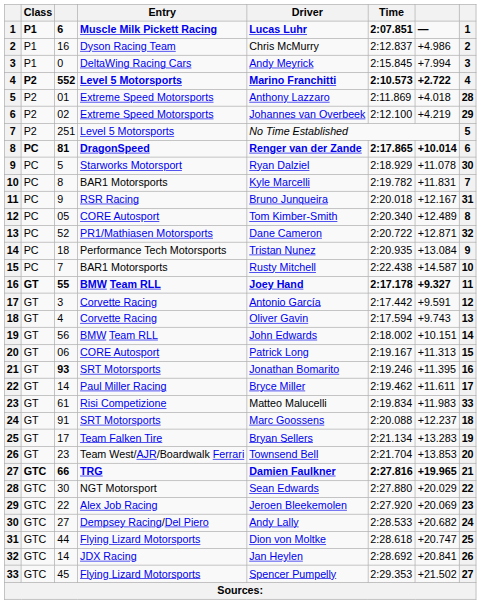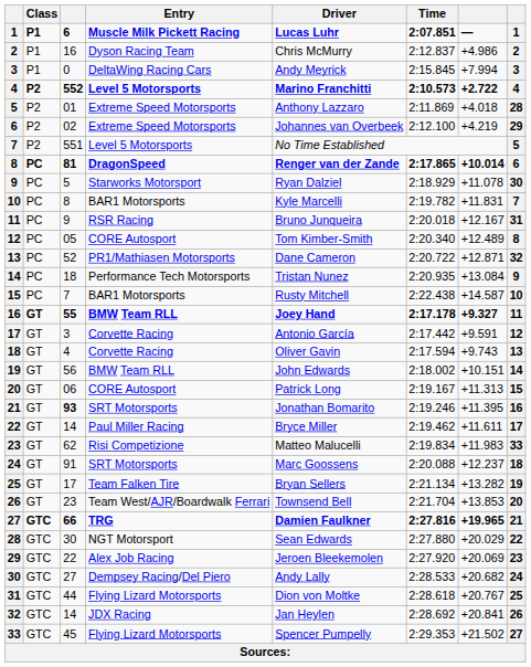 <table class="wikitable">
 <tr>
 <th></th>
 <th>Class</th>
 <th></th>
 <th>Entry</th>
 <th>Driver</th>
 <th>Time</th>
 <th></th>
 <th></th>
 </tr>
 <tr style="font-weight:bold">
 <th>1</th>
 <td>P1</td>
 <td>6</td>
 <td> <a href='#'>Muscle Milk Pickett Racing</a></td>
 <td> <a href='#'>Lucas Luhr</a></td>
 <td>2:07.851</td>
 <td>—</td>
 <th>1</th>
 </tr>
 <tr>
 <th>2</th>
 <td>P1</td>
 <td>16</td>
 <td> <a href='#'>Dyson Racing Team</a></td>
 <td> Chris McMurry</td>
 <td>2:12.837</td>
 <td>+4.986</td>
 <th>2</th>
 </tr>
 <tr>
 <th>3</th>
 <td>P1</td>
 <td>0</td>
 <td> <a href='#'>DeltaWing Racing Cars</a></td>
 <td> <a href='#'>Andy Meyrick</a></td>
 <td>2:15.845</td>
 <td>+7.994</td>
 <th>3</th>
 </tr>
 <tr style="font-weight:bold">
 <th>4</th>
 <td>P2</td>
 <td>552</td>
 <td> <a href='#'>Level 5 Motorsports</a></td>
 <td> <a href='#'>Marino Franchitti</a></td>
 <td>2:10.573</td>
 <td>+2.722</td>
 <th>4</th>
 </tr>
 <tr>
 <th>5</th>
 <td>P2</td>
 <td>01</td>
 <td> <a href='#'>Extreme Speed Motorsports</a></td>
 <td> <a href='#'>Anthony Lazzaro</a></td>
 <td>2:11.869</td>
 <td>+4.018</td>
 <th>28</th>
 </tr>
 <tr>
 <th>6</th>
 <td>P2</td>
 <td>02</td>
 <td> <a href='#'>Extreme Speed Motorsports</a></td>
 <td> <a href='#'>Johannes van Overbeek</a></td>
 <td>2:12.100</td>
 <td>+4.219</td>
 <th>29</th>
 </tr>
 <tr>
 <th>7</th>
 <td>P2</td>
-<td>251</td>
+<td>551</td>
 <td> <a href='#'>Level 5 Motorsports</a></td>
 <td colspan="3"><em>No Time Established</em></td>
 <th>5</th>
 </tr>
 <tr style="font-weight:bold">
 <th>8</th>
 <td>PC</td>
 <td>81</td>
 <td> <a href='#'>DragonSpeed</a></td>
 <td> <a href='#'>Renger van der Zande</a></td>
 <td>2:17.865</td>
 <td>+10.014</td>
 <th>6</th>
 </tr>
 <tr>
 <th>9</th>
 <td>PC</td>
 <td>5</td>
 <td> <a href='#'>Starworks Motorsport</a></td>
 <td> <a href='#'>Ryan Dalziel</a></td>
 <td>2:18.929</td>
 <td>+11.078</td>
 <th>30</th>
 </tr>
 <tr>
 <th>10</th>
 <td>PC</td>
 <td>8</td>
 <td> BAR1 Motorsports</td>
 <td> <a href='#'>Kyle Marcelli</a></td>
 <td>2:19.782</td>
 <td>+11.831</td>
 <th>7</th>
 </tr>
 <tr>
 <th>11</th>
 <td>PC</td>
 <td>9</td>
 <td> <a href='#'>RSR Racing</a></td>
 <td> <a href='#'>Bruno Junqueira</a></td>
 <td>2:20.018</td>
 <td>+12.167</td>
 <th>31</th>
 </tr>
 <tr>
 <th>12</th>
 <td>PC</td>
 <td>05</td>
 <td> <a href='#'>CORE Autosport</a></td>
 <td> <a href='#'>Tom Kimber-Smith</a></td>
 <td>2:20.340</td>
 <td>+12.489</td>
 <th>8</th>
 </tr>
 <tr>
 <th>13</th>
 <td>PC</td>
 <td>52</td>
 <td> <a href='#'>PR1/Mathiasen Motorsports</a></td>
 <td> <a href='#'>Dane Cameron</a></td>
 <td>2:20.722</td>
 <td>+12.871</td>
 <th>32</th>
 </tr>
 <tr>
 <th>14</th>
 <td>PC</td>
 <td>18</td>
 <td> Performance Tech Motorsports</td>
 <td> <a href='#'>Tristan Nunez</a></td>
 <td>2:20.935</td>
 <td>+13.084</td>
 <th>9</th>
 </tr>
 <tr>
 <th>15</th>
 <td>PC</td>
 <td>7</td>
 <td> BAR1 Motorsports</td>
 <td> <a href='#'>Rusty Mitchell</a></td>
 <td>2:22.438</td>
 <td>+14.587</td>
 <th>10</th>
 </tr>
 <tr style="font-weight:bold">
 <th>16</th>
 <td>GT</td>
 <td>55</td>
 <td> <a href='#'>BMW</a> <a href='#'>Team RLL</a></td>
 <td> <a href='#'>Joey Hand</a></td>
 <td>2:17.178</td>
 <td>+9.327</td>
 <th>11</th>
 </tr>
 <tr>
 <th>17</th>
 <td>GT</td>
 <td>3</td>
 <td> <a href='#'>Corvette Racing</a></td>
 <td> <a href='#'>Antonio García</a></td>
 <td>2:17.442</td>
 <td>+9.591</td>
 <th>12</th>
 </tr>
 <tr>
 <th>18</th>
 <td>GT</td>
 <td>4</td>
 <td> <a href='#'>Corvette Racing</a></td>
 <td> <a href='#'>Oliver Gavin</a></td>
 <td>2:17.594</td>
 <td>+9.743</td>
 <th>13</th>
 </tr>
 <tr>
 <th>19</th>
 <td>GT</td>
 <td>56</td>
 <td> <a href='#'>BMW</a> <a href='#'>Team RLL</a></td>
 <td> <a href='#'>John Edwards</a></td>
 <td>2:18.002</td>
 <td>+10.151</td>
 <th>14</th>
 </tr>
 <tr>
 <th>20</th>
 <td>GT</td>
 <td>06</td>
 <td> <a href='#'>CORE Autosport</a></td>
 <td> <a href='#'>Patrick Long</a></td>
 <td>2:19.167</td>
 <td>+11.313</td>
 <th>15</th>
 </tr>
 <tr>
 <th>21</th>
 <td>GT</td>
 <td><strong>93</strong></td>
 <td> <a href='#'>SRT Motorsports</a></td>
 <td> <a href='#'>Jonathan Bomarito</a></td>
 <td>2:19.246</td>
 <td>+11.395</td>
 <th>16</th>
 </tr>
 <tr>
 <th>22</th>
 <td>GT</td>
 <td>14</td>
 <td> <a href='#'>Paul Miller Racing</a></td>
 <td> <a href='#'>Bryce Miller</a></td>
 <td>2:19.462</td>
 <td>+11.611</td>
 <th>17</th>
 </tr>
 <tr>
 <th>23</th>
 <td>GT</td>
-<td>61</td>
+<td>62</td>
 <td> <a href='#'>Risi Competizione</a></td>
 <td> Matteo Malucelli</td>
 <td>2:19.834</td>
 <td>+11.983</td>
 <th>33</th>
 </tr>
 <tr>
 <th>24</th>
 <td>GT</td>
 <td>91</td>
 <td> <a href='#'>SRT Motorsports</a></td>
 <td> <a href='#'>Marc Goossens</a></td>
 <td>2:20.088</td>
 <td>+12.237</td>
 <th>18</th>
 </tr>
 <tr>
 <th>25</th>
 <td>GT</td>
 <td>17</td>
 <td> <a href='#'>Team Falken Tire</a></td>
 <td> <a href='#'>Bryan Sellers</a></td>
 <td>2:21.134</td>
-<td>+13.283</td>
+<td>+13.282</td>
 <th>19</th>
 </tr>
 <tr>
 <th>26</th>
 <td>GT</td>
 <td>23</td>
 <td> Team West/<a href='#'>AJR</a>/Boardwalk <a href='#'>Ferrari</a></td>
 <td> <a href='#'>Townsend Bell</a></td>
 <td>2:21.704</td>
 <td>+13.853</td>
 <th>20</th>
 </tr>
 <tr style="font-weight:bold">
 <th>27</th>
 <td>GTC</td>
 <td>66</td>
 <td> <a href='#'>TRG</a></td>
 <td> <a href='#'>Damien Faulkner</a></td>
 <td>2:27.816</td>
 <td>+19.965</td>
 <th>21</th>
 </tr>
 <tr>
 <th>28</th>
 <td>GTC</td>
 <td>30</td>
 <td> NGT Motorsport</td>
 <td> <a href='#'>Sean Edwards</a></td>
 <td>2:27.880</td>
 <td>+20.029</td>
 <th>22</th>
 </tr>
 <tr>
 <th>29</th>
 <td>GTC</td>
 <td>22</td>
 <td> <a href='#'>Alex Job Racing</a></td>
 <td> <a href='#'>Jeroen Bleekemolen</a></td>
 <td>2:27.920</td>
 <td>+20.069</td>
 <th>23</th>
 </tr>
 <tr>
 <th>30</th>
 <td>GTC</td>
 <td>27</td>
 <td> <a href='#'>Dempsey Racing</a>/<a href='#'>Del Piero</a></td>
 <td> <a href='#'>Andy Lally</a></td>
 <td>2:28.533</td>
 <td>+20.682</td>
 <th>24</th>
 </tr>
 <tr>
 <th>31</th>
 <td>GTC</td>
 <td>44</td>
 <td> <a href='#'>Flying Lizard Motorsports</a></td>
 <td> <a href='#'>Dion von Moltke</a></td>
 <td>2:28.618</td>
-<td>+20.747</td>
+<td>+20.767</td>
 <th>25</th>
 </tr>
 <tr>
 <th>32</th>
 <td>GTC</td>
 <td>14</td>
 <td> <a href='#'>JDX Racing</a></td>
 <td> <a href='#'>Jan Heylen</a></td>
 <td>2:28.692</td>
 <td>+20.841</td>
 <th>26</th>
 </tr>
 <tr>
 <th>33</th>
 <td>GTC</td>
 <td>45</td>
 <td> <a href='#'>Flying Lizard Motorsports</a></td>
 <td> <a href='#'>Spencer Pumpelly</a></td>
 <td>2:29.353</td>
 <td>+21.502</td>
 <th>27</th>
 </tr>
 <tr>
 <th colspan="8">Sources:</th>
 </tr>
 </table>
